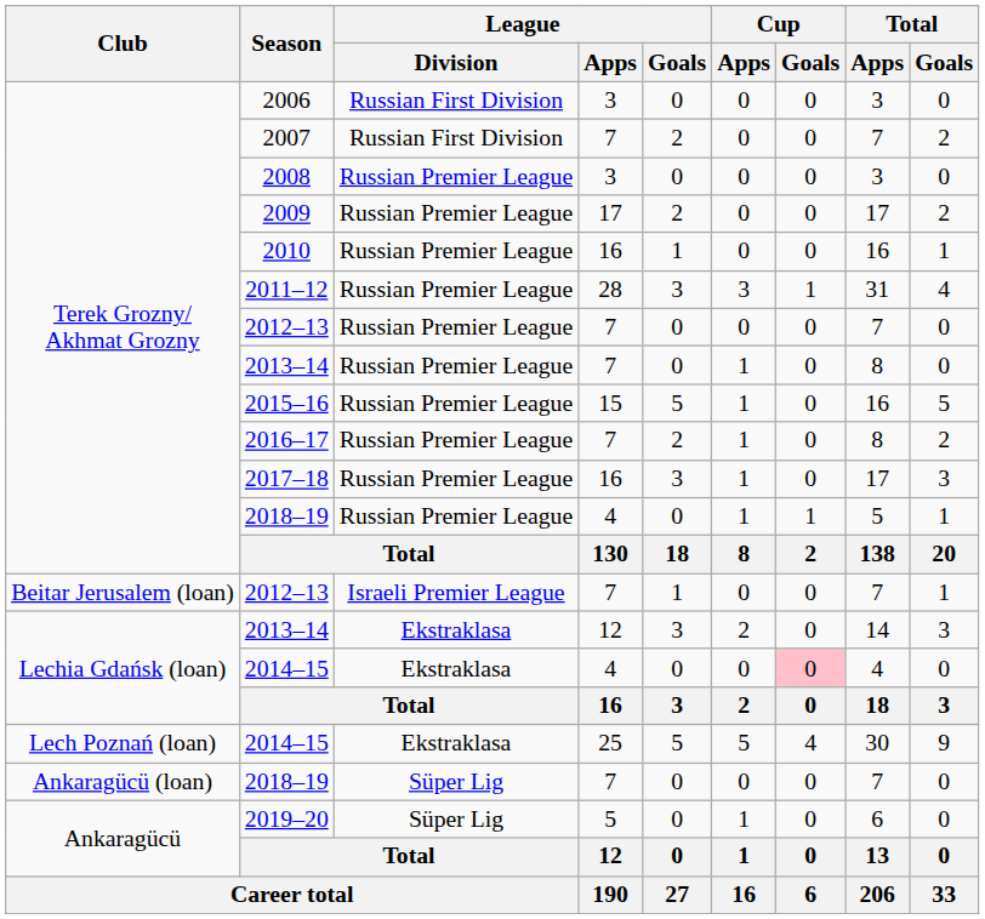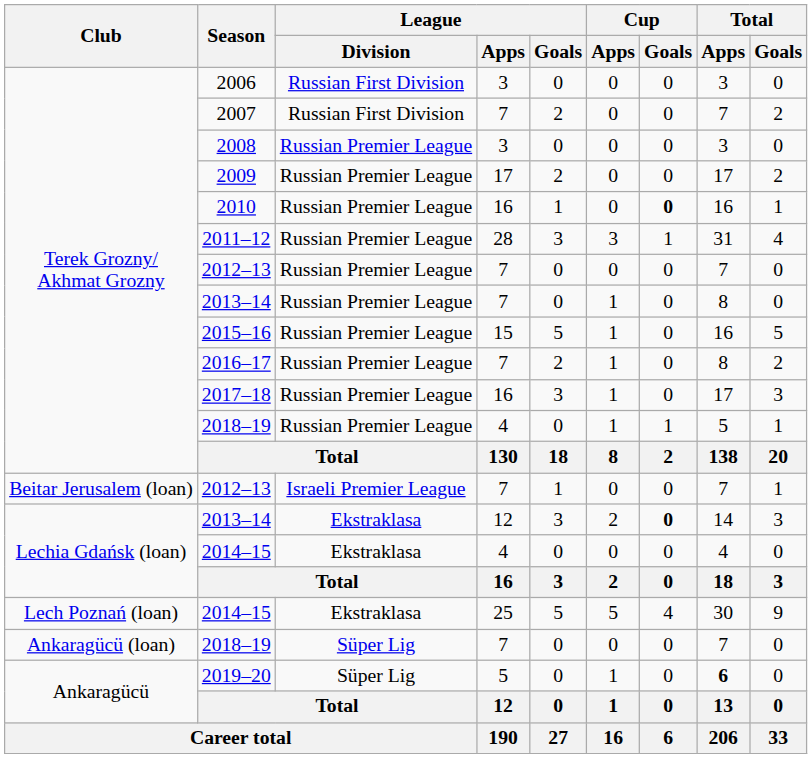 <table class="wikitable" style="text-align: center;">
 <tr>
 <th rowspan="2">Club</th>
 <th rowspan="2">Season</th>
 <th colspan="3">League</th>
 <th colspan="2">Cup</th>
 <th colspan="2">Total</th>
 </tr>
 <tr>
 <th>Division</th>
 <th>Apps</th>
 <th>Goals</th>
 <th>Apps</th>
 <th>Goals</th>
 <th>Apps</th>
 <th>Goals</th>
 </tr>
 <tr>
 <td rowspan="13" valign="center"><a href='#'>Terek Grozny/<br>Akhmat Grozny</a></td>
 <td>2006</td>
 <td><a href='#'>Russian First Division</a></td>
 <td>3</td>
 <td>0</td>
 <td>0</td>
 <td>0</td>
 <td>3</td>
 <td>0</td>
 </tr>
 <tr>
 <td>2007</td>
 <td>Russian First Division</td>
 <td>7</td>
 <td>2</td>
 <td>0</td>
 <td>0</td>
 <td>7</td>
 <td>2</td>
 </tr>
 <tr>
 <td><a href='#'>2008</a></td>
 <td><a href='#'>Russian Premier League</a></td>
 <td>3</td>
 <td>0</td>
 <td>0</td>
 <td>0</td>
 <td>3</td>
 <td>0</td>
 </tr>
 <tr>
 <td><a href='#'>2009</a></td>
 <td>Russian Premier League</td>
 <td>17</td>
 <td>2</td>
 <td>0</td>
 <td>0</td>
 <td>17</td>
 <td>2</td>
 </tr>
 <tr>
 <td><a href='#'>2010</a></td>
 <td>Russian Premier League</td>
 <td>16</td>
 <td>1</td>
 <td>0</td>
-<td>0</td>
+<td><strong>0</strong></td>
 <td>16</td>
 <td>1</td>
 </tr>
 <tr>
 <td><a href='#'>2011–12</a></td>
 <td>Russian Premier League</td>
 <td>28</td>
 <td>3</td>
 <td>3</td>
 <td>1</td>
 <td>31</td>
 <td>4</td>
 </tr>
 <tr>
 <td><a href='#'>2012–13</a></td>
 <td>Russian Premier League</td>
 <td>7</td>
 <td>0</td>
 <td>0</td>
 <td>0</td>
 <td>7</td>
 <td>0</td>
 </tr>
 <tr>
 <td><a href='#'>2013–14</a></td>
 <td>Russian Premier League</td>
 <td>7</td>
 <td>0</td>
 <td>1</td>
 <td>0</td>
 <td>8</td>
 <td>0</td>
 </tr>
 <tr>
 <td><a href='#'>2015–16</a></td>
 <td>Russian Premier League</td>
 <td>15</td>
 <td>5</td>
 <td>1</td>
 <td>0</td>
 <td>16</td>
 <td>5</td>
 </tr>
 <tr>
 <td><a href='#'>2016–17</a></td>
 <td>Russian Premier League</td>
 <td>7</td>
 <td>2</td>
 <td>1</td>
 <td>0</td>
 <td>8</td>
 <td>2</td>
 </tr>
 <tr>
 <td><a href='#'>2017–18</a></td>
 <td>Russian Premier League</td>
 <td>16</td>
 <td>3</td>
 <td>1</td>
 <td>0</td>
 <td>17</td>
 <td>3</td>
 </tr>
 <tr>
 <td><a href='#'>2018–19</a></td>
 <td>Russian Premier League</td>
 <td>4</td>
 <td>0</td>
 <td>1</td>
 <td>1</td>
 <td>5</td>
 <td>1</td>
 </tr>
 <tr>
 <th colspan="2">Total</th>
 <th>130</th>
 <th>18</th>
 <th>8</th>
 <th>2</th>
 <th>138</th>
 <th>20</th>
 </tr>
 <tr>
 <td rowspan="1" valign="center"><a href='#'>Beitar Jerusalem</a> (loan)</td>
 <td><a href='#'>2012–13</a></td>
 <td><a href='#'>Israeli Premier League</a></td>
 <td>7</td>
 <td>1</td>
 <td>0</td>
 <td>0</td>
 <td>7</td>
 <td>1</td>
 </tr>
 <tr>
 <td rowspan="3" valign="center"><a href='#'>Lechia Gdańsk</a> (loan)</td>
 <td><a href='#'>2013–14</a></td>
 <td><a href='#'>Ekstraklasa</a></td>
 <td>12</td>
 <td>3</td>
 <td>2</td>
-<td>0</td>
+<td><strong>0</strong></td>
 <td>14</td>
 <td>3</td>
 </tr>
 <tr>
 <td><a href='#'>2014–15</a></td>
 <td>Ekstraklasa</td>
 <td>4</td>
 <td>0</td>
 <td>0</td>
-<td style="background: pink;">0</td>
+<td>0</td>
 <td>4</td>
 <td>0</td>
 </tr>
 <tr>
 <th colspan="2">Total</th>
 <th>16</th>
 <th>3</th>
 <th>2</th>
 <th>0</th>
 <th>18</th>
 <th>3</th>
 </tr>
 <tr>
 <td rowspan="1" valign="center"><a href='#'>Lech Poznań</a> (loan)</td>
 <td><a href='#'>2014–15</a></td>
 <td>Ekstraklasa</td>
 <td>25</td>
 <td>5</td>
 <td>5</td>
 <td>4</td>
 <td>30</td>
 <td>9</td>
 </tr>
 <tr>
 <td rowspan="1" valign="center"><a href='#'>Ankaragücü</a> (loan)</td>
 <td><a href='#'>2018–19</a></td>
 <td><a href='#'>Süper Lig</a></td>
 <td>7</td>
 <td>0</td>
 <td>0</td>
 <td>0</td>
 <td>7</td>
 <td>0</td>
 </tr>
 <tr>
 <td rowspan="2" valign="center">Ankaragücü</td>
 <td><a href='#'>2019–20</a></td>
 <td>Süper Lig</td>
 <td>5</td>
 <td>0</td>
 <td>1</td>
 <td>0</td>
-<td>6</td>
+<td><strong>6</strong></td>
 <td>0</td>
 </tr>
 <tr>
 <th colspan="2">Total</th>
 <th>12</th>
 <th>0</th>
 <th>1</th>
 <th>0</th>
 <th>13</th>
 <th>0</th>
 </tr>
 <tr>
 <th colspan="3">Career total</th>
 <th>190</th>
 <th>27</th>
 <th>16</th>
 <th>6</th>
 <th>206</th>
 <th>33</th>
 </tr>
 <tr>
 </tr>
 </table>
